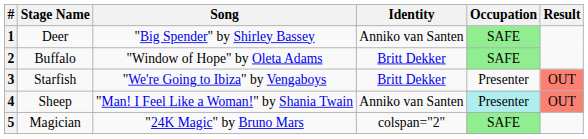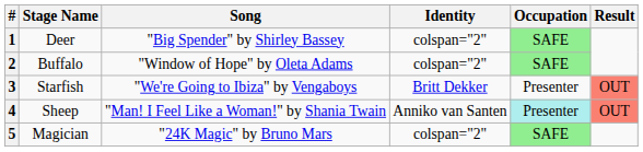 <table class="wikitable plainrowheaders" style="text-align: center;">
 <tr>
 <th><strong>#</strong></th>
 <th><strong>Stage Name</strong></th>
 <th><strong>Song</strong></th>
 <th>Identity</th>
 <th><strong>Occupation</strong></th>
 <th>Result</th>
 </tr>
 <tr>
 <th>1</th>
 <td>Deer</td>
 <td>"<a href='#'>Big Spender</a>" by <a href='#'>Shirley Bassey</a></td>
-<td>Anniko van Santen</td>
+<td>colspan="2" </td>
 <td bgcolor="lightgreen">SAFE</td>
 </tr>
 <tr>
 <th>2</th>
 <td>Buffalo</td>
 <td>"Window of Hope" by <a href='#'>Oleta Adams</a></td>
-<td><a href='#'>Britt Dekker</a></td>
+<td>colspan="2" </td>
 <td bgcolor="lightgreen">SAFE</td>
 </tr>
 <tr>
 <th>3</th>
 <td>Starfish</td>
 <td>"<a href='#'>We're Going to Ibiza</a>" by <a href='#'>Vengaboys</a></td>
 <td><a href='#'>Britt Dekker</a></td>
 <td>Presenter</td>
 <td bgcolor="salmon">OUT</td>
 </tr>
 <tr>
 <th>4</th>
 <td>Sheep</td>
 <td>"<a href='#'>Man! I Feel Like a Woman!</a>" by <a href='#'>Shania Twain</a></td>
 <td>Anniko van Santen</td>
 <td style="background: paleturquoise;">Presenter</td>
 <td bgcolor="salmon">OUT</td>
 </tr>
 <tr>
 <th>5</th>
 <td>Magician</td>
 <td>"<a href='#'>24K Magic</a>" by <a href='#'>Bruno Mars</a></td>
 <td>colspan="2" </td>
 <td bgcolor="lightgreen">SAFE</td>
 </tr>
 </table>
